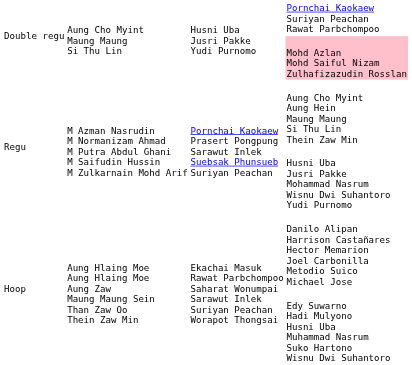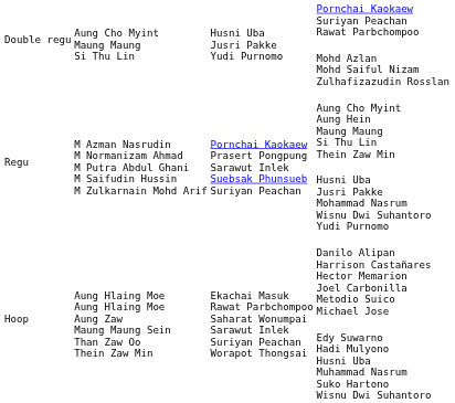 <table>
 <tr>
 <td rowspan=2>Double regu</td>
 <td rowspan=2><br>Aung Cho Myint<br>Maung Maung<br>Si Thu Lin</td>
 <td rowspan=2><br>Husni Uba<br>Jusri Pakke<br>Yudi Purnomo</td>
 <td><br><a href='#'>Pornchai Kaokaew</a><br>Suriyan Peachan<br>Rawat Parbchompoo</td>
 </tr>
 <tr>
-<td nowrap=true style="background: pink;"><br>Mohd Azlan<br>Mohd Saiful Nizam<br>Zulhafizazudin Rosslan</td>
+<td nowrap=true><br>Mohd Azlan<br>Mohd Saiful Nizam<br>Zulhafizazudin Rosslan</td>
 </tr>
 <tr>
 <td rowspan=2>Regu</td>
 <td rowspan=2 nowrap=true><br>M Azman Nasrudin<br>M Normanizam Ahmad<br>M Putra Abdul Ghani<br>M Saifudin Hussin<br>M Zulkarnain Mohd Arif</td>
 <td rowspan=2><br><a href='#'>Pornchai Kaokaew</a><br>Prasert Pongpung<br>Sarawut Inlek<br><a href='#'>Suebsak Phunsueb</a><br>Suriyan Peachan</td>
 <td><br>Aung Cho Myint<br>Aung Hein<br>Maung Maung<br>Si Thu Lin<br>Thein Zaw Min</td>
 </tr>
 <tr>
 <td><br>Husni Uba<br>Jusri Pakke<br>Mohammad Nasrum<br>Wisnu Dwi Suhantoro<br>Yudi Purnomo</td>
 </tr>
 <tr>
 <td rowspan=2>Hoop</td>
 <td rowspan=2><br>Aung Hlaing Moe<br>Aung Hlaing Moe<br>Aung Zaw<br>Maung Maung Sein<br>Than Zaw Oo<br>Thein Zaw Min</td>
 <td rowspan=2 nowrap=true><br>Ekachai Masuk<br>Rawat Parbchompoo<br>Saharat Wonumpai<br>Sarawut Inlek<br>Suriyan Peachan<br>Worapot Thongsai</td>
 <td><br>Danilo Alipan<br>Harrison Castañares<br>Hector Memarion<br>Joel Carbonilla<br>Metodio Suico<br>Michael Jose</td>
 </tr>
 <tr>
 <td><br>Edy Suwarno<br>Hadi Mulyono<br>Husni Uba<br>Muhammad Nasrum<br>Suko Hartono<br>Wisnu Dwi Suhantoro</td>
 </tr>
 </table>
